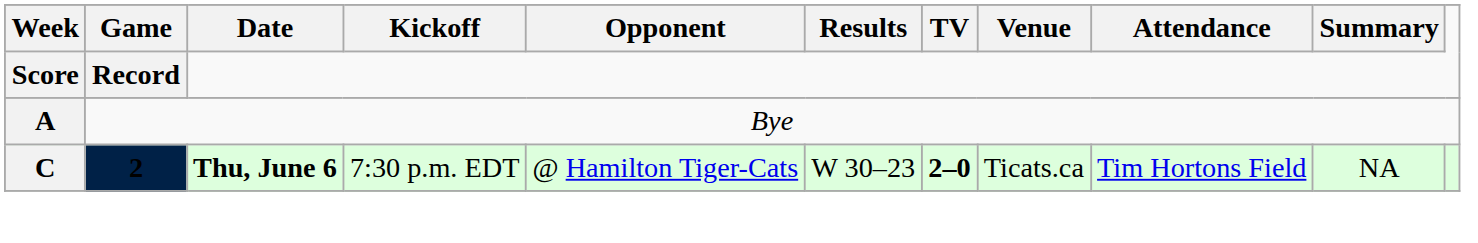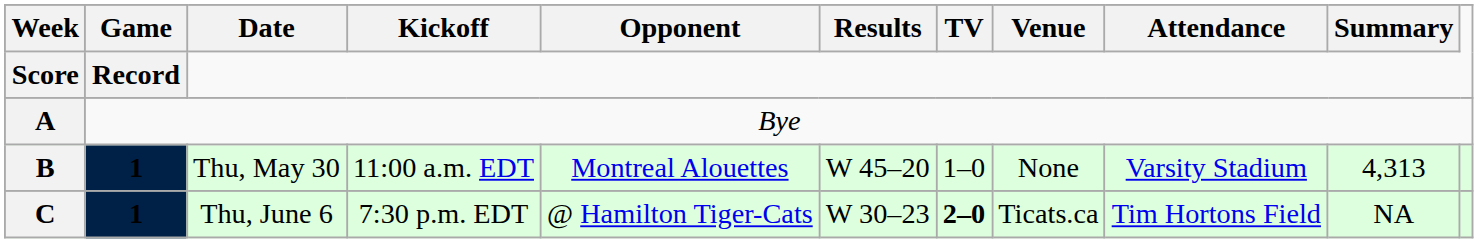 <table class="wikitable" style="font-size: 95%;">
 <tr>
 <th scope="col">Week</th>
 <th scope="col">Game</th>
 <th scope="col">Date</th>
 <th scope="col">Kickoff</th>
 <th scope="col">Opponent</th>
 <th scope="col">Results</th>
 <th scope="col">TV</th>
 <th scope="col">Venue</th>
 <th scope="col">Attendance</th>
 <th scope="col">Summary</th>
 </tr>
 <tr>
 <th scope="col">Score</th>
 <th scope="col">Record</th>
 </tr>
 <tr style= bgcolor="ffffff">
 <th align="center"><strong>A</strong></th>
 <td colspan=10 align="center" valign="middle"><em>Bye</em></td>
 </tr>
+<tr align="center"= bgcolor="ddffdd">
+<th align="center"><strong>B</strong></th>
+<th style="text-align:center; background:#002147;"><span>1</span></th>
+<td align="center">Thu, May 30</td>
+<td align="center">11:00 a.m. <a href='#'>EDT</a></td>
+<td align="center"><a href='#'>Montreal Alouettes</a></td>
+<td align="center">W 45–20</td>
+<td align="center">1–0</td>
+<td align="center">None</td>
+<td align="center"><a href='#'>Varsity Stadium</a></td>
+<td align="center">4,313</td>
+<td align="center"></td>
+</tr>
 <tr align="center"= bgcolor="#ddffdd">
 <th align="center"><strong>C</strong></th>
-<th style="text-align:center; background:#002147;"><span>2</span></th>
-<td align="center"><strong>Thu, June 6</strong></td>
+<th style="text-align:center; background:#002147;"><span>1</span></th>
+<td align="center">Thu, June 6</td>
 <td align="center">7:30 p.m. EDT</td>
 <td align="center">@ <a href='#'>Hamilton Tiger-Cats</a></td>
 <td align="center">W 30–23</td>
 <td align="center"><strong>2–0</strong></td>
 <td align="center">Ticats.ca</td>
 <td align="center"><a href='#'>Tim Hortons Field</a></td>
 <td align="center">NA</td>
 <td align="center"></td>
 </tr>
 </table>
